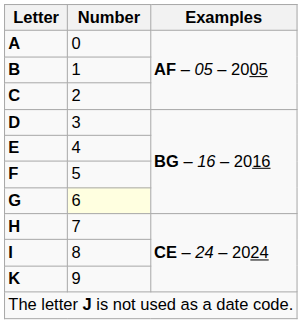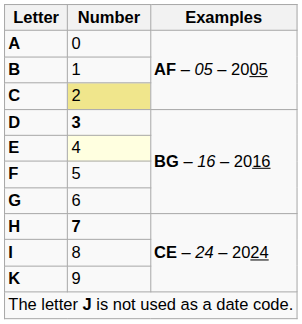 <table class="wikitable">
 <tr>
 <th>Letter</th>
 <th>Number</th>
 <th>Examples</th>
 </tr>
 <tr>
 <td><strong>A</strong></td>
 <td>0</td>
 <td rowspan="3"><strong>AF</strong> – <em>05</em> – 20<u>05</u></td>
 </tr>
 <tr>
 <td><strong>B</strong></td>
 <td>1</td>
 </tr>
 <tr>
 <td><strong>C</strong></td>
-<td>2</td>
+<td style="background: khaki;">2</td>
 </tr>
 <tr>
 <td><strong>D</strong></td>
-<td>3</td>
+<td><strong>3</strong></td>
 <td rowspan="4"><strong>BG</strong> – <em>16</em> – 20<u>16</u></td>
 </tr>
 <tr>
 <td><strong>E</strong></td>
-<td>4</td>
+<td style="background: lightyellow;">4</td>
 </tr>
 <tr>
 <td><strong>F</strong></td>
 <td>5</td>
 </tr>
 <tr>
 <td><strong>G</strong></td>
-<td style="background: lightyellow;">6</td>
+<td>6</td>
 </tr>
 <tr>
 <td><strong>H</strong></td>
-<td>7</td>
+<td><strong>7</strong></td>
 <td rowspan="3"><strong>CE</strong> – <em>24</em> – 20<u>24</u></td>
 </tr>
 <tr>
 <td><strong>I</strong></td>
 <td>8</td>
 </tr>
 <tr>
 <td><strong>K</strong></td>
 <td>9</td>
 </tr>
 <tr>
 <td colspan="3">The letter <strong>J</strong> is not used as a date code.</td>
 </tr>
 </table>
